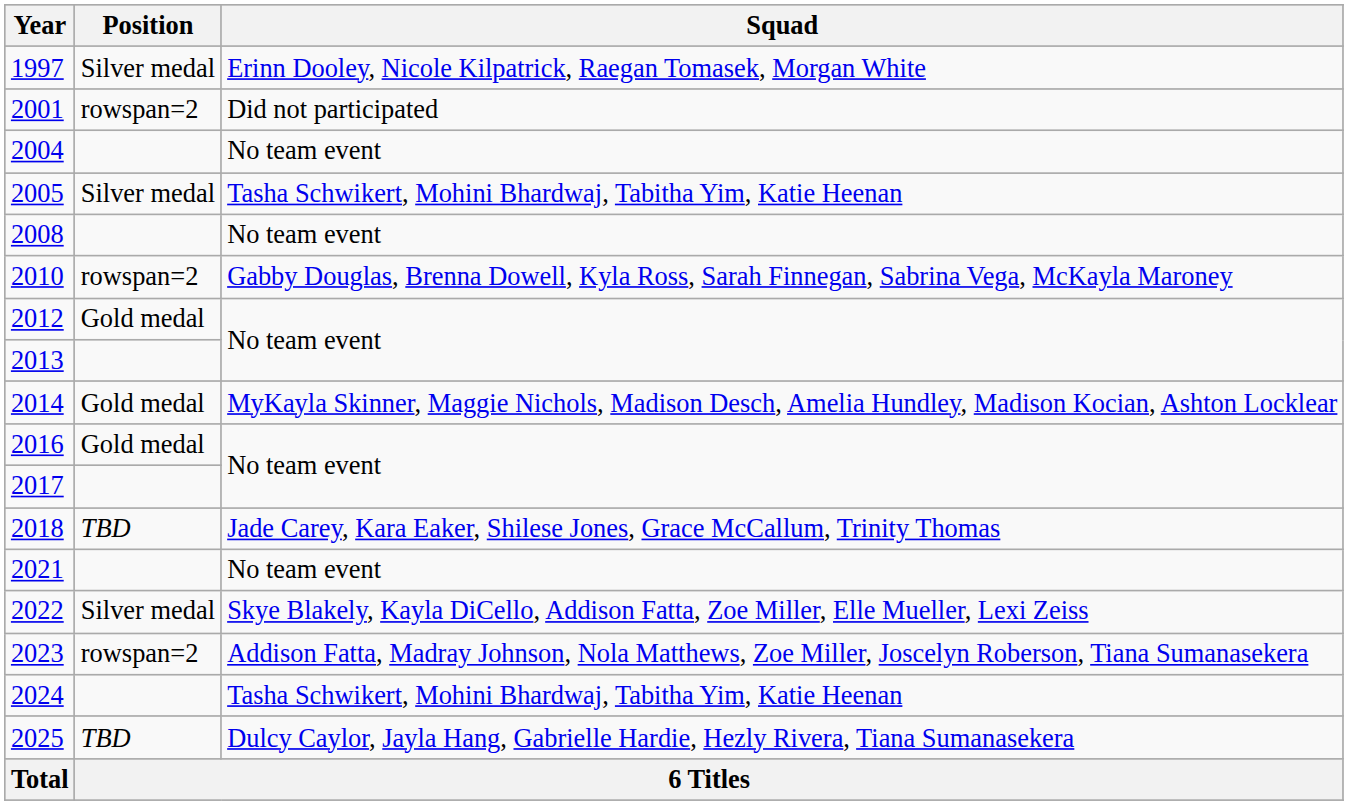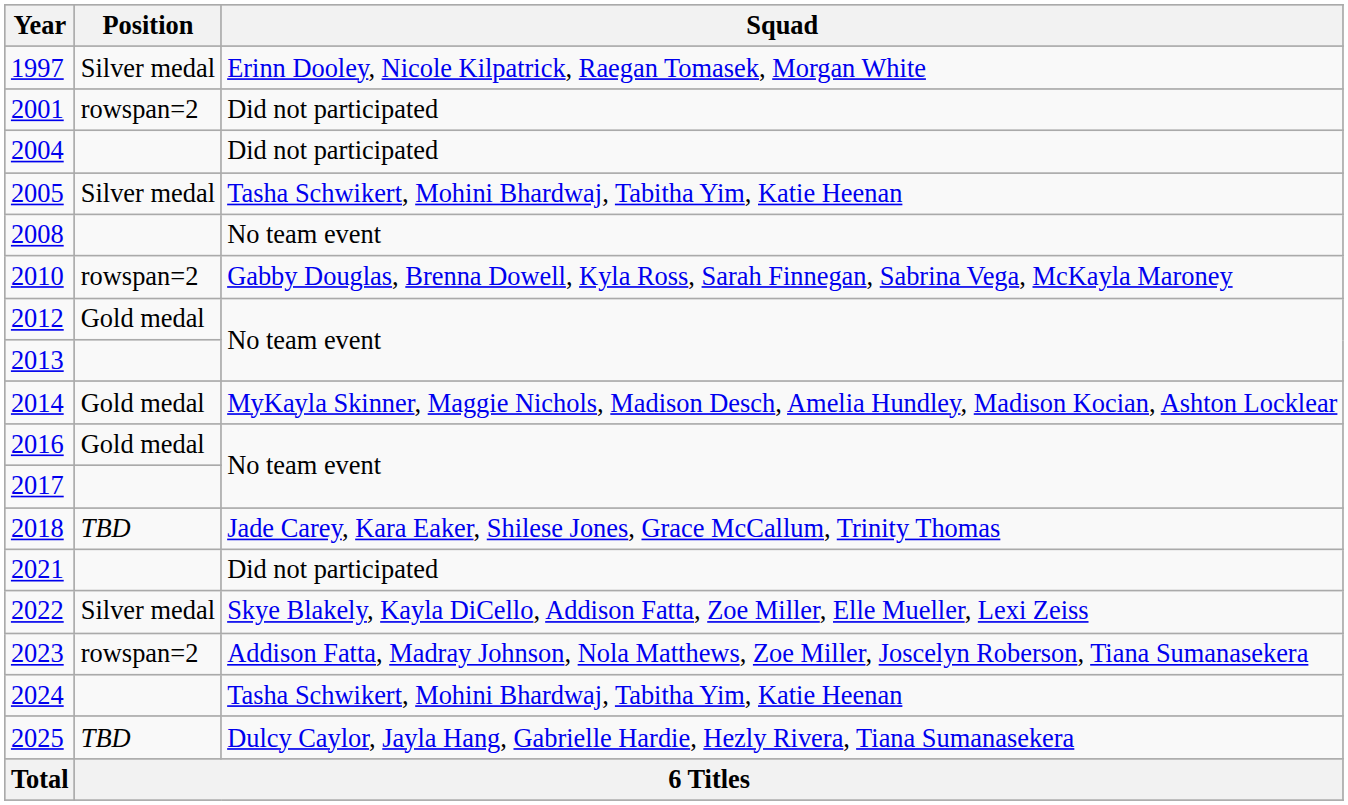 <table class="wikitable style="text-align: center;">
 <tr>
 <th>Year</th>
 <th>Position</th>
 <th>Squad</th>
 </tr>
 <tr style="text-align:left;">
 <td><a href='#'>1997</a></td>
 <td> Silver medal</td>
 <td><a href='#'>Erinn Dooley</a>, <a href='#'>Nicole Kilpatrick</a>, <a href='#'>Raegan Tomasek</a>, <a href='#'>Morgan White</a></td>
 </tr>
 <tr style="text-align:left;">
 <td><a href='#'>2001</a></td>
 <td>rowspan=2 </td>
 <td>Did not participated</td>
 </tr>
 <tr style="text-align:left;">
 <td><a href='#'>2004</a></td>
 <td></td>
-<td>No team event</td>
+<td>Did not participated</td>
 </tr>
 <tr style="text-align:left;">
 <td><a href='#'>2005</a></td>
 <td> Silver medal</td>
 <td><a href='#'>Tasha Schwikert</a>, <a href='#'>Mohini Bhardwaj</a>, <a href='#'>Tabitha Yim</a>, <a href='#'>Katie Heenan</a></td>
 </tr>
 <tr style="text-align:left;">
 <td><a href='#'>2008</a></td>
 <td></td>
 <td>No team event</td>
 </tr>
 <tr style="text-align:left;">
 <td><a href='#'>2010</a></td>
 <td>rowspan=2 </td>
 <td><a href='#'>Gabby Douglas</a>, <a href='#'>Brenna Dowell</a>, <a href='#'>Kyla Ross</a>, <a href='#'>Sarah Finnegan</a>, <a href='#'>Sabrina Vega</a>, <a href='#'>McKayla Maroney</a></td>
 </tr>
 <tr style="text-align:left;">
 <td><a href='#'>2012</a></td>
 <td> Gold medal</td>
 <td rowspan=2>No team event</td>
 </tr>
 <tr style="text-align:left;">
 <td><a href='#'>2013</a></td>
 </tr>
 <tr style="text-align:left;">
 <td><a href='#'>2014</a></td>
 <td> Gold medal</td>
 <td><a href='#'>MyKayla Skinner</a>, <a href='#'>Maggie Nichols</a>, <a href='#'>Madison Desch</a>, <a href='#'>Amelia Hundley</a>, <a href='#'>Madison Kocian</a>, <a href='#'>Ashton Locklear</a></td>
 </tr>
 <tr style="text-align:left;">
 <td><a href='#'>2016</a></td>
 <td> Gold medal</td>
 <td rowspan=2>No team event</td>
 </tr>
 <tr style="text-align:left;">
 <td><a href='#'>2017</a></td>
 </tr>
 <tr style="text-align:left;">
 <td><a href='#'>2018</a></td>
 <td><em>TBD</em></td>
 <td><a href='#'>Jade Carey</a>, <a href='#'>Kara Eaker</a>, <a href='#'>Shilese Jones</a>, <a href='#'>Grace McCallum</a>, <a href='#'>Trinity Thomas</a></td>
 </tr>
 <tr style="text-align:left;">
 <td><a href='#'>2021</a></td>
 <td></td>
-<td>No team event</td>
+<td>Did not participated</td>
 </tr>
 <tr style="text-align:left;">
 <td><a href='#'>2022</a></td>
 <td> Silver medal</td>
 <td><a href='#'>Skye Blakely</a>, <a href='#'>Kayla DiCello</a>, <a href='#'>Addison Fatta</a>, <a href='#'>Zoe Miller</a>, <a href='#'>Elle Mueller</a>, <a href='#'>Lexi Zeiss</a></td>
 </tr>
 <tr style="text-align:left;">
 <td><a href='#'>2023</a></td>
 <td>rowspan=2 </td>
 <td><a href='#'>Addison Fatta</a>, <a href='#'>Madray Johnson</a>, <a href='#'>Nola Matthews</a>, <a href='#'>Zoe Miller</a>, <a href='#'>Joscelyn Roberson</a>, <a href='#'>Tiana Sumanasekera</a></td>
 </tr>
 <tr style="text-align:left;">
 <td><a href='#'>2024</a></td>
 <td></td>
 <td><a href='#'>Tasha Schwikert</a>, <a href='#'>Mohini Bhardwaj</a>, <a href='#'>Tabitha Yim</a>, <a href='#'>Katie Heenan</a></td>
 </tr>
 <tr style="text-align:left;">
 <td><a href='#'>2025</a></td>
 <td><em>TBD</em></td>
 <td><a href='#'>Dulcy Caylor</a>, <a href='#'>Jayla Hang</a>, <a href='#'>Gabrielle Hardie</a>, <a href='#'>Hezly Rivera</a>, <a href='#'>Tiana Sumanasekera</a></td>
 </tr>
 <tr>
 <th>Total</th>
 <th colspan="2">6 Titles</th>
 </tr>
 </table>
